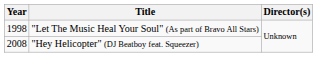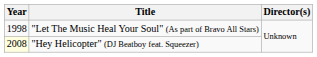 <table class="wikitable">
 <tr>
 <th>Year</th>
 <th>Title</th>
 <th>Director(s)</th>
 </tr>
 <tr>
 <td>1998</td>
 <td>"Let The Music Heal Your Soul" <small>(As part of Bravo All Stars)</small></td>
 <td rowspan="2"><small>Unknown</small></td>
 </tr>
 <tr>
-<td>2008</td>
+<td style="background: lightyellow;">2008</td>
 <td>"Hey Helicopter" <small>(DJ Beatboy feat. Squeezer)</small></td>
 </tr>
 </table>
